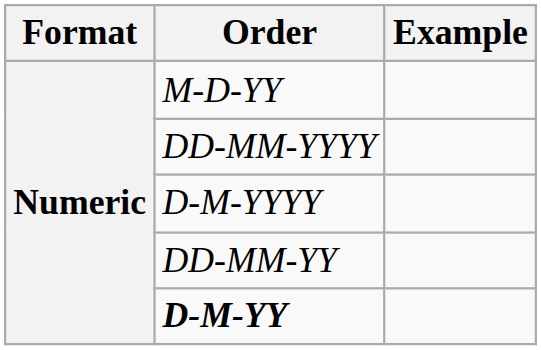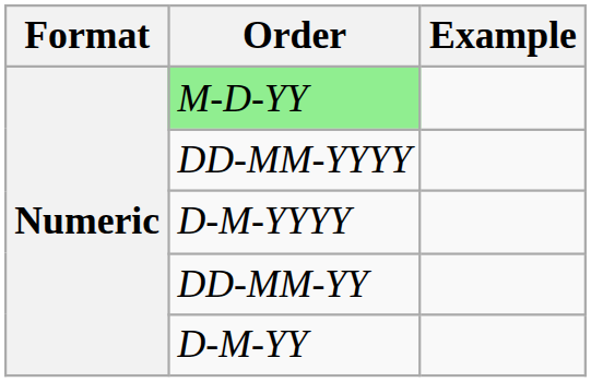 <table class="wikitable">
 <tr>
 <th>Format</th>
 <th>Order</th>
 <th>Example</th>
 </tr>
 <tr>
 <th rowspan="5">Numeric</th>
-<td><em>M-D-YY</em></td>
+<td style="background: lightgreen;"><em>M-D-YY</em></td>
 <td></td>
 </tr>
 <tr>
 <td><em>DD-MM-YYYY</em></td>
 <td></td>
 </tr>
 <tr>
 <td><em>D-M-YYYY</em></td>
 <td></td>
 </tr>
 <tr>
 <td><em>DD-MM-YY</em></td>
 <td></td>
 </tr>
 <tr>
-<td><strong><em>D-M-YY</em></strong></td>
+<td><em>D-M-YY</em></td>
 <td></td>
 </tr>
 </table>
